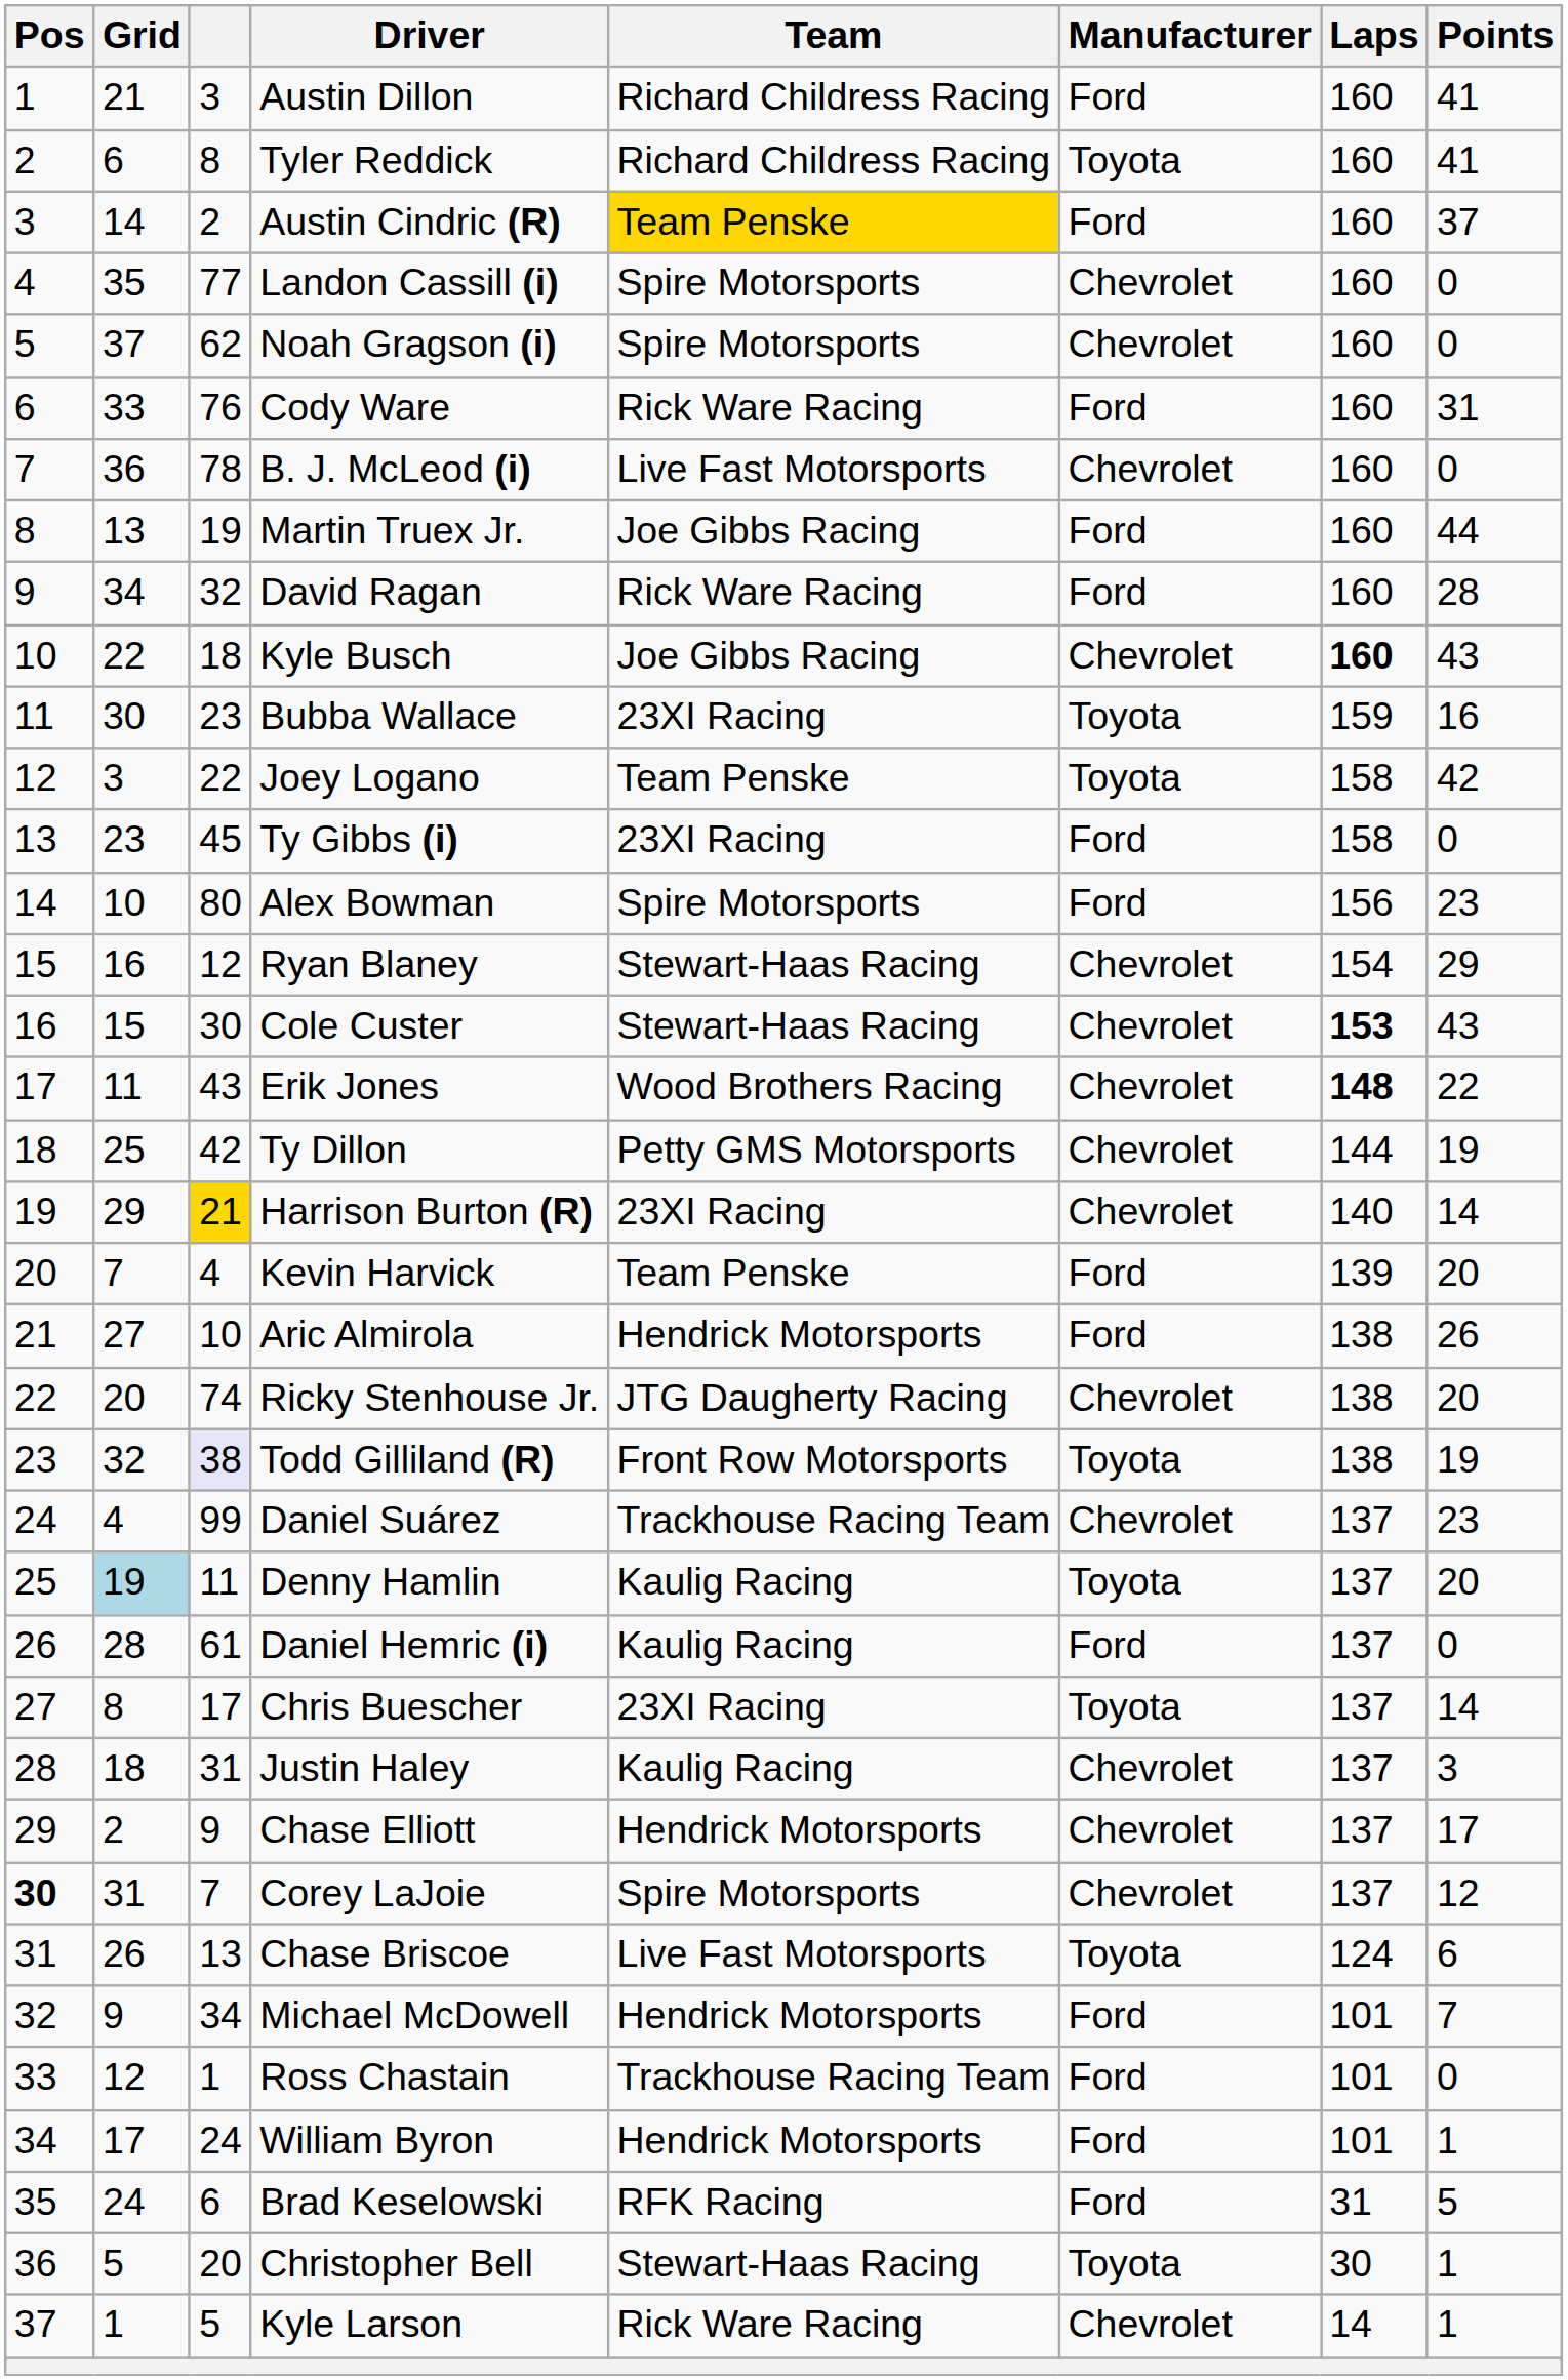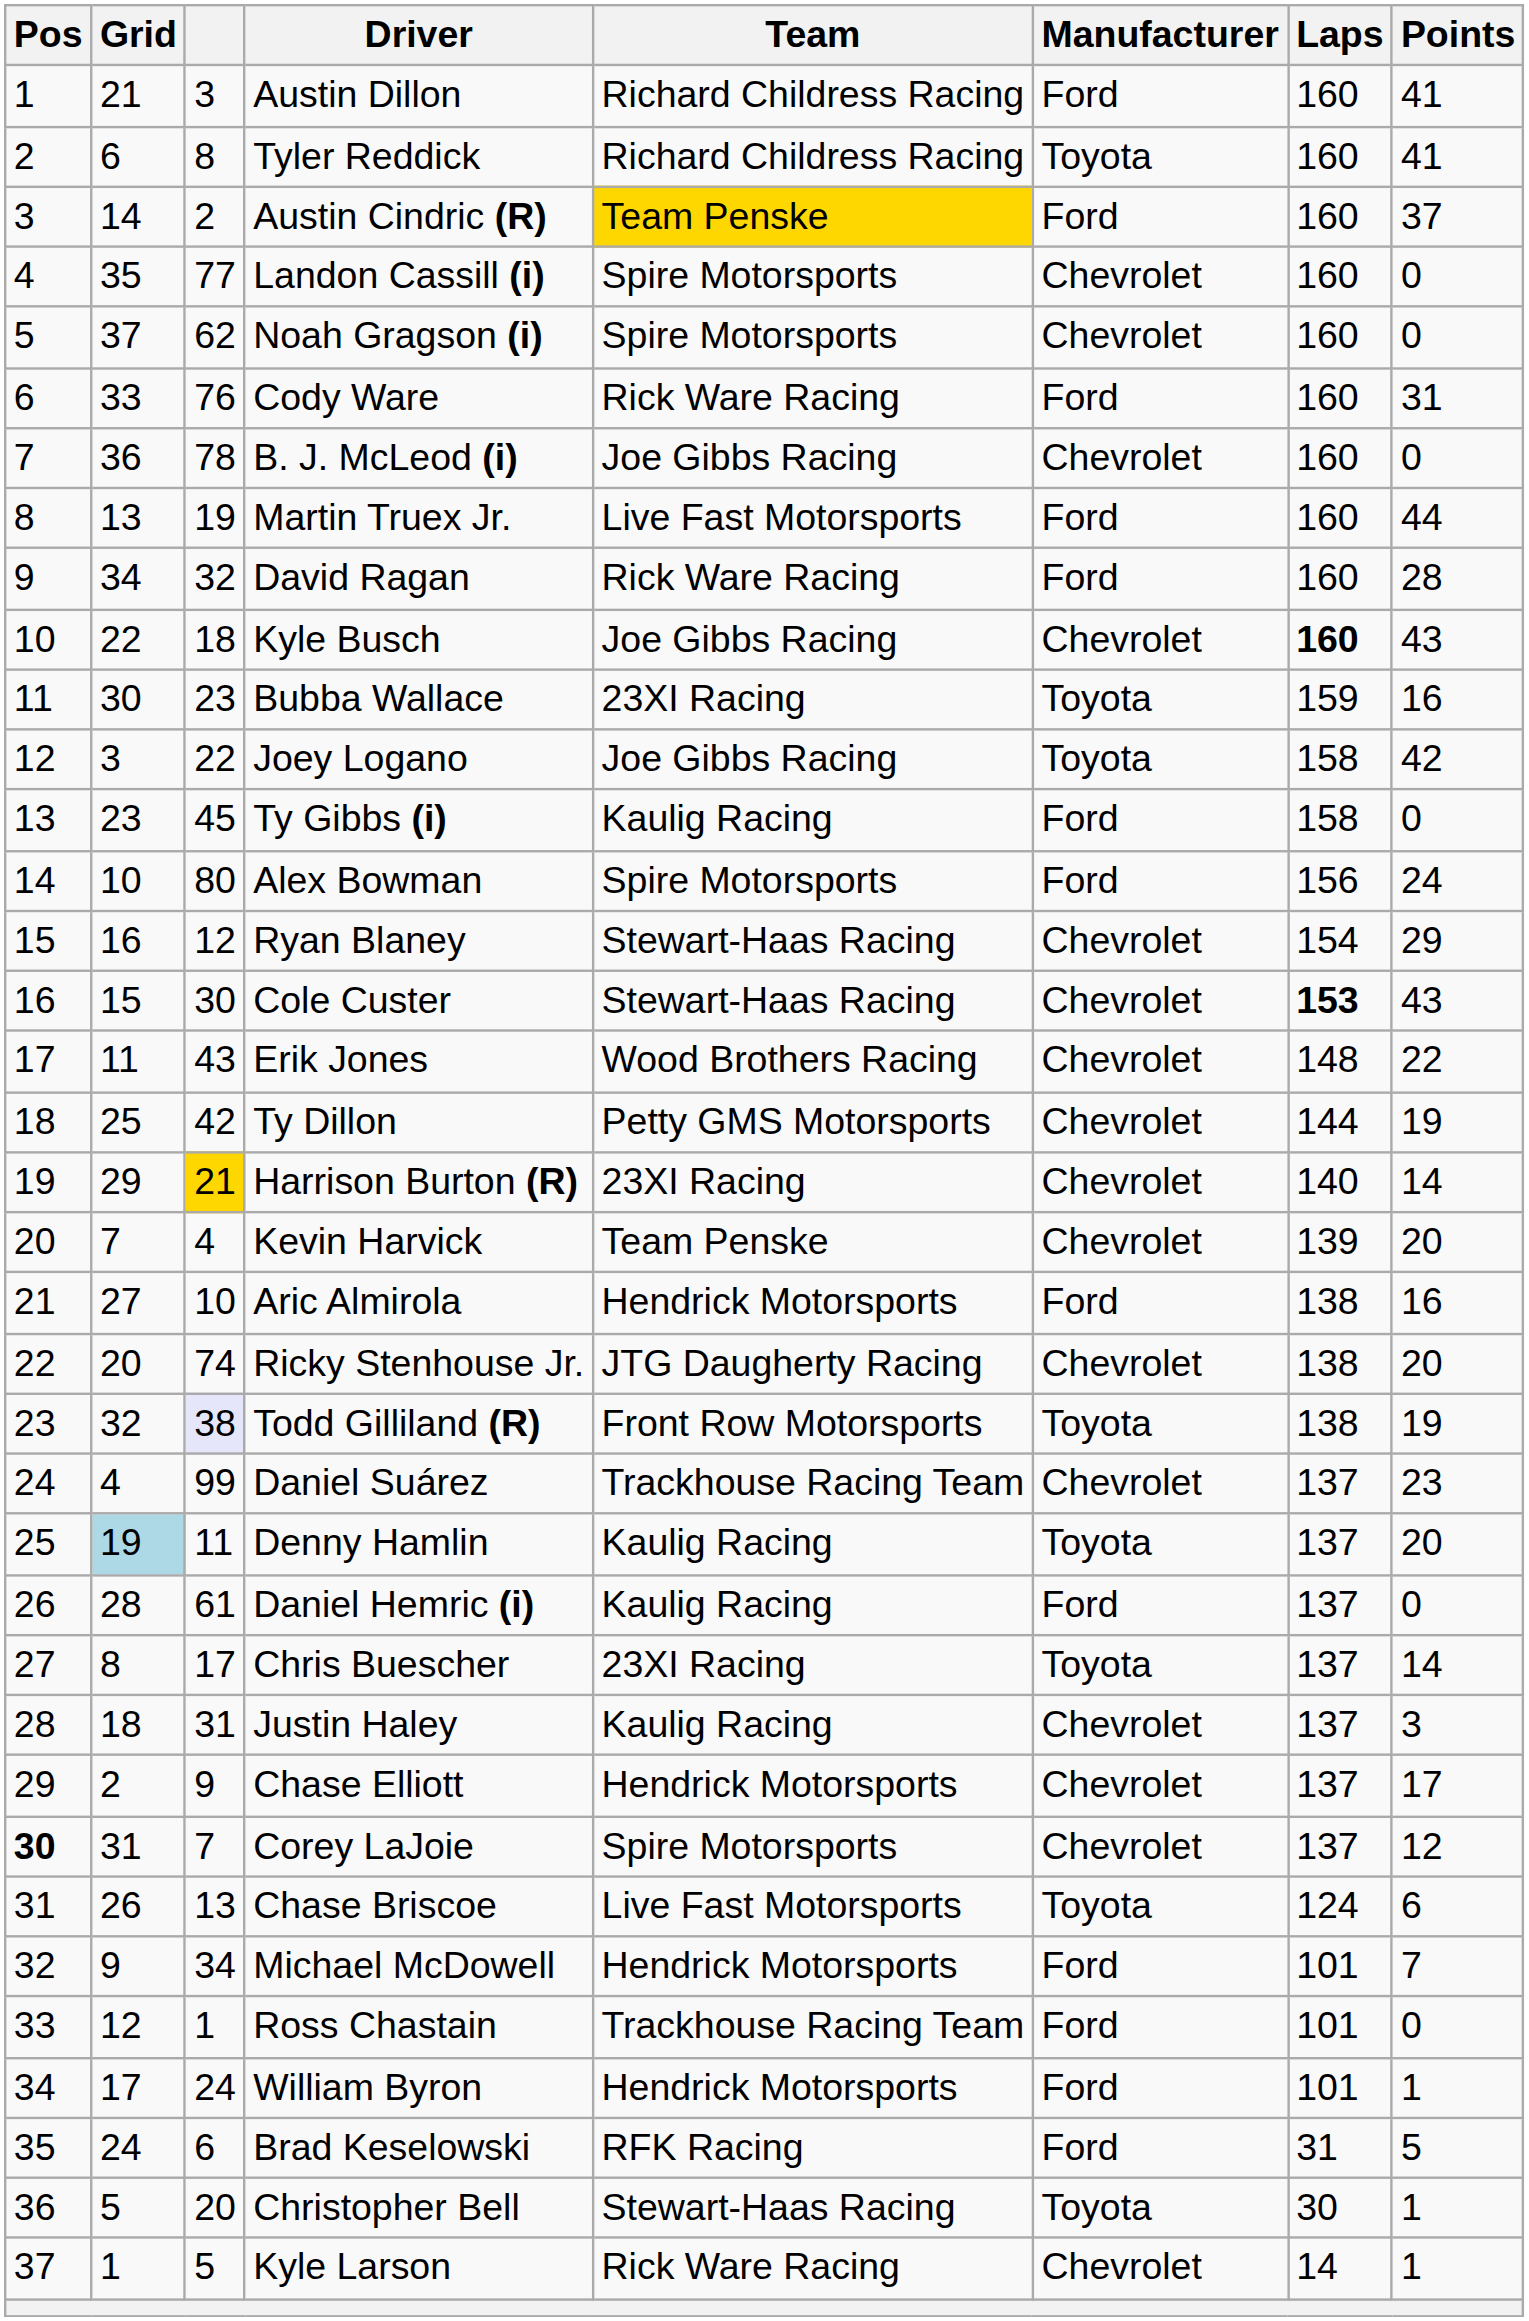 <table class="wikitable" style="font-size:98%">
 <tr>
 <th>Pos</th>
 <th>Grid</th>
 <th></th>
 <th>Driver</th>
 <th>Team</th>
 <th>Manufacturer</th>
 <th>Laps</th>
 <th>Points</th>
 </tr>
 <tr>
 <td>1</td>
 <td>21</td>
 <td>3</td>
 <td>Austin Dillon</td>
 <td>Richard Childress Racing</td>
 <td>Ford</td>
 <td>160</td>
 <td>41</td>
 </tr>
 <tr>
 <td>2</td>
 <td>6</td>
 <td>8</td>
 <td>Tyler Reddick</td>
 <td>Richard Childress Racing</td>
 <td>Toyota</td>
 <td>160</td>
 <td>41</td>
 </tr>
 <tr>
 <td>3</td>
 <td>14</td>
 <td>2</td>
 <td>Austin Cindric <strong>(R)</strong></td>
 <td style="background: gold;">Team Penske</td>
 <td>Ford</td>
 <td>160</td>
 <td>37</td>
 </tr>
 <tr>
 <td>4</td>
 <td>35</td>
 <td>77</td>
 <td>Landon Cassill <strong>(i)</strong></td>
 <td>Spire Motorsports</td>
 <td>Chevrolet</td>
 <td>160</td>
 <td>0</td>
 </tr>
 <tr>
 <td>5</td>
 <td>37</td>
 <td>62</td>
 <td>Noah Gragson <strong>(i)</strong></td>
 <td>Spire Motorsports</td>
 <td>Chevrolet</td>
 <td>160</td>
 <td>0</td>
 </tr>
 <tr>
 <td>6</td>
 <td>33</td>
 <td>76</td>
 <td>Cody Ware</td>
 <td>Rick Ware Racing</td>
 <td>Ford</td>
 <td>160</td>
 <td>31</td>
 </tr>
 <tr>
 <td>7</td>
 <td>36</td>
 <td>78</td>
 <td>B. J. McLeod <strong>(i)</strong></td>
-<td>Live Fast Motorsports</td>
+<td>Joe Gibbs Racing</td>
 <td>Chevrolet</td>
 <td>160</td>
 <td>0</td>
 </tr>
 <tr>
 <td>8</td>
 <td>13</td>
 <td>19</td>
 <td>Martin Truex Jr.</td>
-<td>Joe Gibbs Racing</td>
+<td>Live Fast Motorsports</td>
 <td>Ford</td>
 <td>160</td>
 <td>44</td>
 </tr>
 <tr>
 <td>9</td>
 <td>34</td>
 <td>32</td>
 <td>David Ragan</td>
 <td>Rick Ware Racing</td>
 <td>Ford</td>
 <td>160</td>
 <td>28</td>
 </tr>
 <tr>
 <td>10</td>
 <td>22</td>
 <td>18</td>
 <td>Kyle Busch</td>
 <td>Joe Gibbs Racing</td>
 <td>Chevrolet</td>
 <td><strong>160</strong></td>
 <td>43</td>
 </tr>
 <tr>
 <td>11</td>
 <td>30</td>
 <td>23</td>
 <td>Bubba Wallace</td>
 <td>23XI Racing</td>
 <td>Toyota</td>
 <td>159</td>
 <td>16</td>
 </tr>
 <tr>
 <td>12</td>
 <td>3</td>
 <td>22</td>
 <td>Joey Logano</td>
-<td>Team Penske</td>
+<td>Joe Gibbs Racing</td>
 <td>Toyota</td>
 <td>158</td>
 <td>42</td>
 </tr>
 <tr>
 <td>13</td>
 <td>23</td>
 <td>45</td>
 <td>Ty Gibbs <strong>(i)</strong></td>
-<td>23XI Racing</td>
+<td>Kaulig Racing</td>
 <td>Ford</td>
 <td>158</td>
 <td>0</td>
 </tr>
 <tr>
 <td>14</td>
 <td>10</td>
 <td>80</td>
 <td>Alex Bowman</td>
 <td>Spire Motorsports</td>
 <td>Ford</td>
 <td>156</td>
-<td>23</td>
+<td>24</td>
 </tr>
 <tr>
 <td>15</td>
 <td>16</td>
 <td>12</td>
 <td>Ryan Blaney</td>
 <td>Stewart-Haas Racing</td>
 <td>Chevrolet</td>
 <td>154</td>
 <td>29</td>
 </tr>
 <tr>
 <td>16</td>
 <td>15</td>
 <td>30</td>
 <td>Cole Custer</td>
 <td>Stewart-Haas Racing</td>
 <td>Chevrolet</td>
 <td><strong>153</strong></td>
 <td>43</td>
 </tr>
 <tr>
 <td>17</td>
 <td>11</td>
 <td>43</td>
 <td>Erik Jones</td>
 <td>Wood Brothers Racing</td>
 <td>Chevrolet</td>
-<td><strong>148</strong></td>
+<td>148</td>
 <td>22</td>
 </tr>
 <tr>
 <td>18</td>
 <td>25</td>
 <td>42</td>
 <td>Ty Dillon</td>
 <td>Petty GMS Motorsports</td>
 <td>Chevrolet</td>
 <td>144</td>
 <td>19</td>
 </tr>
 <tr>
 <td>19</td>
 <td>29</td>
 <td style="background: gold;">21</td>
 <td>Harrison Burton <strong>(R)</strong></td>
 <td>23XI Racing</td>
 <td>Chevrolet</td>
 <td>140</td>
 <td>14</td>
 </tr>
 <tr>
 <td>20</td>
 <td>7</td>
 <td>4</td>
 <td>Kevin Harvick</td>
 <td>Team Penske</td>
-<td>Ford</td>
+<td>Chevrolet</td>
 <td>139</td>
 <td>20</td>
 </tr>
 <tr>
 <td>21</td>
 <td>27</td>
 <td>10</td>
 <td>Aric Almirola</td>
 <td>Hendrick Motorsports</td>
 <td>Ford</td>
 <td>138</td>
-<td>26</td>
+<td>16</td>
 </tr>
 <tr>
 <td>22</td>
 <td>20</td>
 <td>74</td>
 <td>Ricky Stenhouse Jr.</td>
 <td>JTG Daugherty Racing</td>
 <td>Chevrolet</td>
 <td>138</td>
 <td>20</td>
 </tr>
 <tr>
 <td>23</td>
 <td>32</td>
 <td style="background: lavender;">38</td>
 <td>Todd Gilliland <strong>(R)</strong></td>
 <td>Front Row Motorsports</td>
 <td>Toyota</td>
 <td>138</td>
 <td>19</td>
 </tr>
 <tr>
 <td>24</td>
 <td>4</td>
 <td>99</td>
 <td>Daniel Suárez</td>
 <td>Trackhouse Racing Team</td>
 <td>Chevrolet</td>
 <td>137</td>
 <td>23</td>
 </tr>
 <tr>
 <td>25</td>
 <td style="background: lightblue;">19</td>
 <td>11</td>
 <td>Denny Hamlin</td>
 <td>Kaulig Racing</td>
 <td>Toyota</td>
 <td>137</td>
 <td>20</td>
 </tr>
 <tr>
 <td>26</td>
 <td>28</td>
 <td>61</td>
 <td>Daniel Hemric <strong>(i)</strong></td>
 <td>Kaulig Racing</td>
 <td>Ford</td>
 <td>137</td>
 <td>0</td>
 </tr>
 <tr>
 <td>27</td>
 <td>8</td>
 <td>17</td>
 <td>Chris Buescher</td>
 <td>23XI Racing</td>
 <td>Toyota</td>
 <td>137</td>
 <td>14</td>
 </tr>
 <tr>
 <td>28</td>
 <td>18</td>
 <td>31</td>
 <td>Justin Haley</td>
 <td>Kaulig Racing</td>
 <td>Chevrolet</td>
 <td>137</td>
 <td>3</td>
 </tr>
 <tr>
 <td>29</td>
 <td>2</td>
 <td>9</td>
 <td>Chase Elliott</td>
 <td>Hendrick Motorsports</td>
 <td>Chevrolet</td>
 <td>137</td>
 <td>17</td>
 </tr>
 <tr>
 <td><strong>30</strong></td>
 <td>31</td>
 <td>7</td>
 <td>Corey LaJoie</td>
 <td>Spire Motorsports</td>
 <td>Chevrolet</td>
 <td>137</td>
 <td>12</td>
 </tr>
 <tr>
 <td>31</td>
 <td>26</td>
 <td>13</td>
 <td>Chase Briscoe</td>
 <td>Live Fast Motorsports</td>
 <td>Toyota</td>
 <td>124</td>
 <td>6</td>
 </tr>
 <tr>
 <td>32</td>
 <td>9</td>
 <td>34</td>
 <td>Michael McDowell</td>
 <td>Hendrick Motorsports</td>
 <td>Ford</td>
 <td>101</td>
 <td>7</td>
 </tr>
 <tr>
 <td>33</td>
 <td>12</td>
 <td>1</td>
 <td>Ross Chastain</td>
 <td>Trackhouse Racing Team</td>
 <td>Ford</td>
 <td>101</td>
 <td>0</td>
 </tr>
 <tr>
 <td>34</td>
 <td>17</td>
 <td>24</td>
 <td>William Byron</td>
 <td>Hendrick Motorsports</td>
 <td>Ford</td>
 <td>101</td>
 <td>1</td>
 </tr>
 <tr>
 <td>35</td>
 <td>24</td>
 <td>6</td>
 <td>Brad Keselowski</td>
 <td>RFK Racing</td>
 <td>Ford</td>
 <td>31</td>
 <td>5</td>
 </tr>
 <tr>
 <td>36</td>
 <td>5</td>
 <td>20</td>
 <td>Christopher Bell</td>
 <td>Stewart-Haas Racing</td>
 <td>Toyota</td>
 <td>30</td>
 <td>1</td>
 </tr>
 <tr>
 <td>37</td>
 <td>1</td>
 <td>5</td>
 <td>Kyle Larson</td>
 <td>Rick Ware Racing</td>
 <td>Chevrolet</td>
 <td>14</td>
 <td>1</td>
 </tr>
 <tr>
 <th colspan="8"></th>
 </tr>
 </table>
